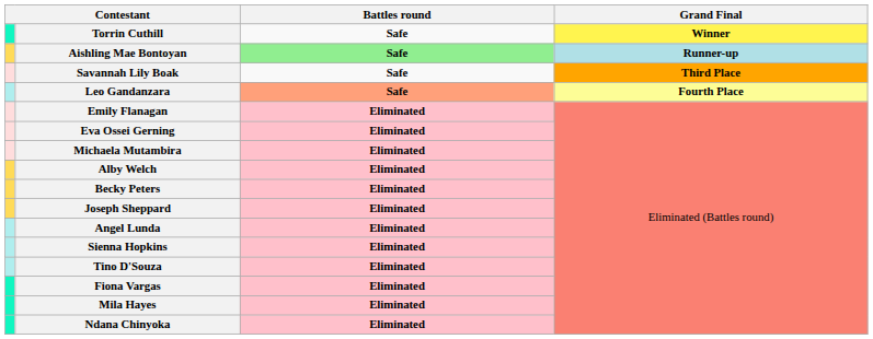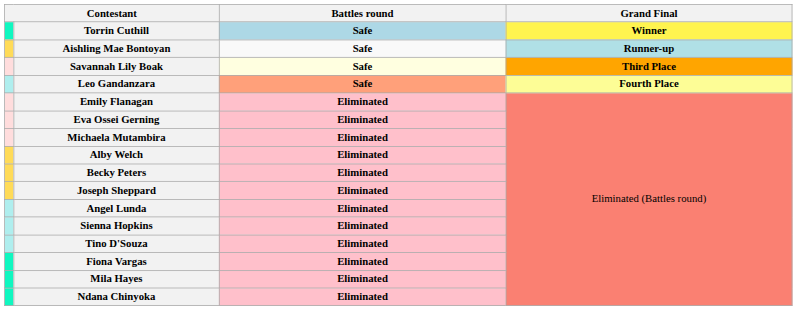 <table class="wikitable" style="text-align:center; font-size:85%">
 <tr>
 <th colspan="2" style="width:15%">Contestant</th>
 <th scope="col" style="width:20%">Battles round</th>
 <th colspan="2" style="width:20%">Grand Final</th>
 </tr>
 <tr>
 <th style="background:#0ff7c0"></th>
 <th>Torrin Cuthill</th>
-<td><strong>Safe</strong></td>
+<td style="background: lightblue;"><strong>Safe</strong></td>
 <td style="background:#FFF44F"><strong>Winner</strong></td>
 </tr>
 <tr>
 <th style="background:#ffdb58"></th>
 <th>Aishling Mae Bontoyan</th>
-<td style="background: lightgreen;"><strong>Safe</strong></td>
+<td><strong>Safe</strong></td>
 <td style="background:#B0E0E6"><strong>Runner-up</strong></td>
 </tr>
 <tr>
 <th style="background:#ffdddd"></th>
 <th>Savannah Lily Boak</th>
-<td><strong>Safe</strong></td>
+<td style="background: lightyellow;"><strong>Safe</strong></td>
 <td style="background:orange"><strong>Third Place</strong></td>
 </tr>
 <tr>
 <th style="background:#afeeee"></th>
 <th>Leo Gandanzara</th>
 <td style="background: lightsalmon;"><strong>Safe</strong></td>
 <td style="background:#FDFD96"><strong>Fourth Place</strong></td>
 </tr>
 <tr>
 <th style="background:#ffdddd"></th>
 <th>Emily Flanagan</th>
 <td style="background:pink"><strong>Eliminated</strong></td>
 <td rowspan="12" colspan="2" style="background:salmon">Eliminated (Battles round)</td>
 </tr>
 <tr>
 <th style="background:#ffdddd"></th>
 <th>Eva Ossei Gerning</th>
 <td style="background:pink"><strong>Eliminated</strong></td>
 </tr>
 <tr>
 <th style="background:#ffdddd"></th>
 <th>Michaela Mutambira</th>
 <td style="background:pink"><strong>Eliminated</strong></td>
 </tr>
 <tr>
 <th style="background:#ffdb58"></th>
 <th>Alby Welch</th>
 <td style="background:pink"><strong>Eliminated</strong></td>
 </tr>
 <tr>
 <th style="background:#ffdb58"></th>
 <th>Becky Peters</th>
 <td style="background:pink"><strong>Eliminated</strong></td>
 </tr>
 <tr>
 <th style="background:#ffdb58"></th>
 <th>Joseph Sheppard</th>
 <td style="background:pink"><strong>Eliminated</strong></td>
 </tr>
 <tr>
 <th style="background:#afeeee"></th>
 <th>Angel Lunda</th>
 <td style="background:pink"><strong>Eliminated</strong></td>
 </tr>
 <tr>
 <th style="background:#afeeee"></th>
 <th>Sienna Hopkins</th>
 <td style="background:pink"><strong>Eliminated</strong></td>
 </tr>
 <tr>
 <th style="background:#afeeee"></th>
 <th>Tino D'Souza</th>
 <td style="background:pink"><strong>Eliminated</strong></td>
 </tr>
 <tr>
 <th style="background:#0ff7c0"></th>
 <th>Fiona Vargas</th>
 <td style="background:pink"><strong>Eliminated</strong></td>
 </tr>
 <tr>
 <th style="background:#0ff7c0"></th>
 <th>Mila Hayes</th>
 <td style="background:pink"><strong>Eliminated</strong></td>
 </tr>
 <tr>
 <th style="background:#0ff7c0"></th>
 <th>Ndana Chinyoka</th>
 <td style="background:pink"><strong>Eliminated</strong></td>
 </tr>
 </table>
